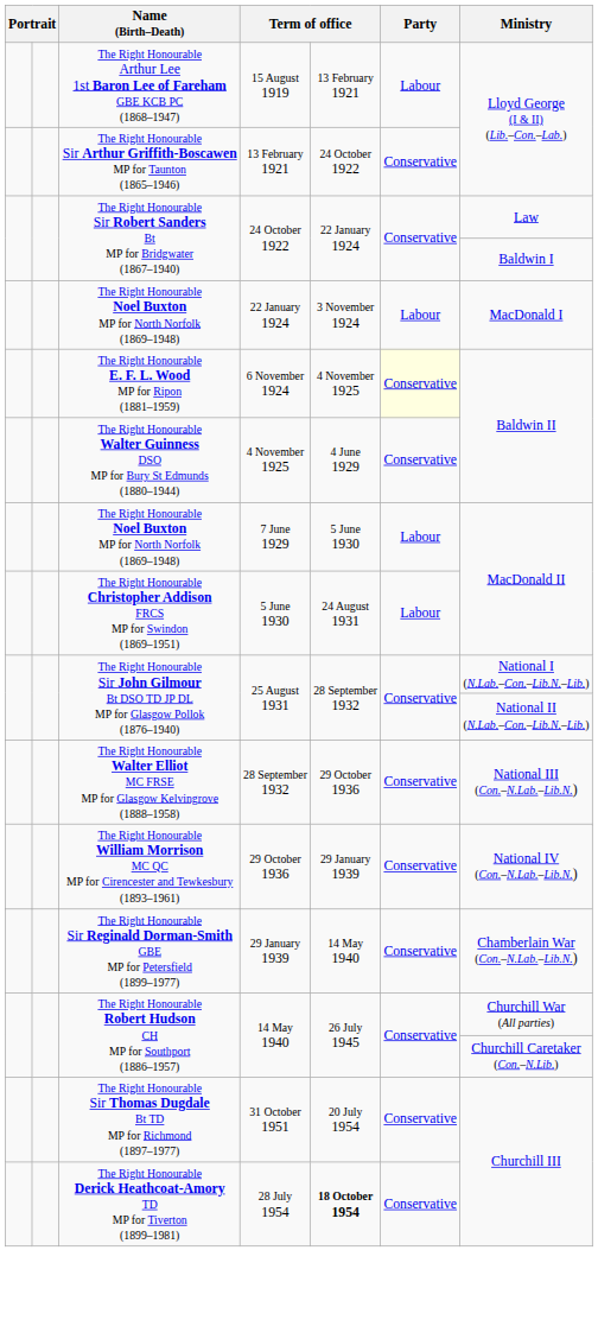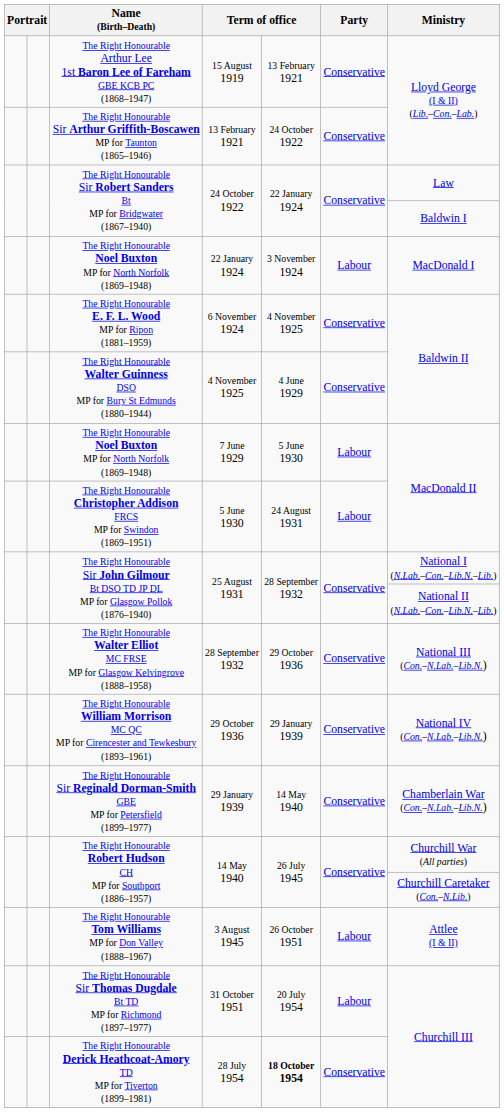 <table class="wikitable" style="text-align:center; white-space: nowrap;">
 <tr>
 <th colspan=2>Portrait</th>
 <th>Name<br><small>(Birth–Death)</small></th>
 <th colspan=2>Term of office</th>
 <th>Party</th>
 <th>Ministry</th>
 </tr>
 <tr>
 <td style="background-color: "></td>
 <td></td>
 <td><a href='#'><small>The Right Honourable</small><br>Arthur Lee<br>1st <strong>Baron Lee of Fareham</strong><br><small>GBE KCB PC</small></a><br><small>(1868–1947)</small></td>
 <td><small>15 August</small><br>1919</td>
 <td><small>13 February</small><br>1921</td>
-<td><a href='#'>Labour</a></td>
+<td><a href='#'>Conservative</a></td>
 <td rowspan=2 ><a href='#'>Lloyd George<br><small>(I & II)</small></a><br><small>(<em><a href='#'>Lib.</a>–<a href='#'>Con.</a>–<a href='#'>Lab.</a></em>)</small></td>
 </tr>
 <tr>
 <td style="background-color: "></td>
 <td></td>
 <td><a href='#'><small>The Right Honourable</small><br>Sir <strong>Arthur Griffith-Boscawen</strong></a><br><small>MP for <a href='#'>Taunton</a><br>(1865–1946)</small></td>
 <td><small>13 February</small><br>1921</td>
 <td><small>24 October</small><br>1922</td>
 <td><a href='#'>Conservative</a></td>
 </tr>
 <tr>
 <td rowspan=2 style="background-color: "></td>
 <td rowspan=2></td>
 <td rowspan=2><a href='#'><small>The Right Honourable</small><br>Sir <strong>Robert Sanders</strong><br><small>Bt</small></a><br><small>MP for <a href='#'>Bridgwater</a><br>(1867–1940)</small></td>
 <td rowspan=2><small>24 October</small><br>1922</td>
 <td rowspan=2><small>22 January</small><br>1924</td>
 <td rowspan=2 ><a href='#'>Conservative</a></td>
 <td><a href='#'>Law</a></td>
 </tr>
 <tr>
 <td><a href='#'>Baldwin I</a></td>
 </tr>
 <tr>
 <td style="background-color: "></td>
 <td></td>
 <td><a href='#'><small>The Right Honourable</small><br><strong>Noel Buxton</strong></a><br><small>MP for <a href='#'>North Norfolk</a><br>(1869–1948)</small></td>
 <td><small>22 January</small><br>1924</td>
 <td><small>3 November</small><br>1924</td>
 <td><a href='#'>Labour</a></td>
 <td><a href='#'>MacDonald I</a></td>
 </tr>
 <tr>
 <td style="background-color: "></td>
 <td></td>
 <td><a href='#'><small>The Right Honourable</small><br><strong>E. F. L. Wood</strong></a><br><small>MP for <a href='#'>Ripon</a><br>(1881–1959)</small></td>
 <td><small>6 November</small><br>1924</td>
 <td><small>4 November</small><br>1925</td>
-<td style="background: lightyellow;"><a href='#'>Conservative</a></td>
+<td><a href='#'>Conservative</a></td>
 <td rowspan=2 ><a href='#'>Baldwin II</a></td>
 </tr>
 <tr>
 <td style="background-color: "></td>
 <td></td>
 <td><a href='#'><small>The Right Honourable</small><br><strong>Walter Guinness</strong><br><small>DSO</small></a><br><small>MP for <a href='#'>Bury St Edmunds</a><br>(1880–1944)</small></td>
 <td><small>4 November</small><br>1925</td>
 <td><small>4 June</small><br>1929</td>
 <td><a href='#'>Conservative</a></td>
 </tr>
 <tr>
 <td style="background-color: "></td>
 <td></td>
 <td><a href='#'><small>The Right Honourable</small><br><strong>Noel Buxton</strong></a><br><small>MP for <a href='#'>North Norfolk</a><br>(1869–1948)</small></td>
 <td><small>7 June</small><br>1929</td>
 <td><small>5 June</small><br>1930</td>
 <td><a href='#'>Labour</a></td>
 <td rowspan=2 ><a href='#'>MacDonald II</a></td>
 </tr>
 <tr>
 <td style="background-color: "></td>
 <td></td>
 <td><a href='#'><small>The Right Honourable</small><br><strong>Christopher Addison</strong><br><small>FRCS</small></a><br><small>MP for <a href='#'>Swindon</a><br>(1869–1951)</small></td>
 <td><small>5 June</small><br>1930</td>
 <td><small>24 August</small><br>1931</td>
 <td><a href='#'>Labour</a></td>
 </tr>
 <tr>
 <td rowspan=2 style="background-color: "></td>
 <td rowspan=2></td>
 <td rowspan=2><a href='#'><small>The Right Honourable</small><br>Sir <strong>John Gilmour</strong><br><small>Bt DSO TD JP DL</small></a><br><small>MP for <a href='#'>Glasgow Pollok</a><br>(1876–1940)</small></td>
 <td rowspan=2><small>25 August</small><br>1931</td>
 <td rowspan=2><small>28 September</small><br>1932</td>
 <td rowspan=2 ><a href='#'>Conservative</a></td>
 <td><a href='#'>National I</a><br><small>(<em><a href='#'>N.Lab.</a>–<a href='#'>Con.</a>–<a href='#'>Lib.N.</a>–<a href='#'>Lib.</a></em>)</small></td>
 </tr>
 <tr>
 <td rowspan=2 ><a href='#'>National II</a><br><small>(<em><a href='#'>N.Lab.</a>–<a href='#'>Con.</a>–<a href='#'>Lib.N.</a>–<a href='#'>Lib.</a></em>)</small></td>
 </tr>
 <tr>
 <td rowspan=2 style="background-color: "></td>
 <td rowspan=2></td>
 <td rowspan=2><a href='#'><small>The Right Honourable</small><br><strong>Walter Elliot</strong><br><small>MC FRSE</small></a><br><small>MP for <a href='#'>Glasgow Kelvingrove</a><br>(1888–1958)</small></td>
 <td rowspan=2><small>28 September</small><br>1932</td>
 <td rowspan=2><small>29 October</small><br>1936</td>
 <td rowspan=2 ><a href='#'>Conservative</a></td>
 </tr>
 <tr>
 <td rowspan=2 ><a href='#'>National III</a><br><small>(<em><a href='#'>Con.</a>–<a href='#'>N.Lab.</a>–<a href='#'>Lib.N.</a></em></small>)</td>
 </tr>
 <tr>
 <td rowspan=2 style="background-color: "></td>
 <td rowspan=2></td>
 <td rowspan=2><a href='#'><small>The Right Honourable</small><br><strong>William Morrison</strong><br><small>MC QC</small></a><br><small>MP for <a href='#'>Cirencester and Tewkesbury</a><br>(1893–1961)</small></td>
 <td rowspan=2><small>29 October</small><br>1936</td>
 <td rowspan=2><small>29 January</small><br>1939</td>
 <td rowspan=2 ><a href='#'>Conservative</a></td>
 </tr>
 <tr>
 <td rowspan=2 ><a href='#'>National IV</a><br><small>(<em><a href='#'>Con.</a>–<a href='#'>N.Lab.</a>–<a href='#'>Lib.N.</a></em></small>)</td>
 </tr>
 <tr>
 <td rowspan=2 style="background-color: "></td>
 <td rowspan=2></td>
 <td rowspan=2><a href='#'><small>The Right Honourable</small><br>Sir <strong>Reginald Dorman-Smith</strong><br><small>GBE</small></a><br><small>MP for <a href='#'>Petersfield</a><br>(1899–1977)</small></td>
 <td rowspan=2><small>29 January</small><br>1939</td>
 <td rowspan=2><small>14 May</small><br>1940</td>
 <td rowspan=2 ><a href='#'>Conservative</a></td>
 </tr>
 <tr>
 <td><a href='#'>Chamberlain War</a><br><small>(<em><a href='#'>Con.</a>–<a href='#'>N.Lab.</a>–<a href='#'>Lib.N.</a></em></small>)</td>
 </tr>
 <tr>
 <td rowspan=2 style="background-color: "></td>
 <td rowspan=2></td>
 <td rowspan=2><a href='#'><small>The Right Honourable</small><br><strong>Robert Hudson</strong><br><small>CH</small></a><br><small>MP for <a href='#'>Southport</a><br>(1886–1957)</small></td>
 <td rowspan=2><small>14 May</small><br>1940</td>
 <td rowspan=2><small>26 July</small><br>1945</td>
 <td rowspan=2 ><a href='#'>Conservative</a></td>
 <td><a href='#'>Churchill War</a><br><small>(<em>All parties</em>)</small></td>
 </tr>
 <tr>
 <td><a href='#'>Churchill Caretaker</a><br><small>(<em><a href='#'>Con.</a>–<a href='#'>N.Lib.</a></em>)</small></td>
 </tr>
 <tr>
 <td style="background-color: "></td>
 <td></td>
+<td><a href='#'><small>The Right Honourable</small><br><strong>Tom Williams</strong></a><br><small>MP for <a href='#'>Don Valley</a><br>(1888–1967)</small></td>
+<td><small>3 August</small><br>1945</td>
+<td><small>26 October</small><br>1951</td>
+<td><a href='#'>Labour</a></td>
+<td><a href='#'>Attlee<br><small>(I & II)</small></a></td>
+</tr>
+<tr>
+<td style="background-color: "></td>
+<td></td>
 <td><a href='#'><small>The Right Honourable</small><br>Sir <strong>Thomas Dugdale</strong><br><small>Bt TD</small></a><br><small>MP for <a href='#'>Richmond</a><br>(1897–1977)</small></td>
 <td><small>31 October</small><br>1951</td>
 <td><small>20 July</small><br>1954</td>
-<td><a href='#'>Conservative</a></td>
+<td><a href='#'>Labour</a></td>
 <td rowspan=2 ><a href='#'>Churchill III</a></td>
 </tr>
 <tr>
 <td style="background-color: "></td>
 <td></td>
 <td><a href='#'><small>The Right Honourable</small><br><strong>Derick Heathcoat-Amory</strong><br><small>TD</small></a><br><small>MP for <a href='#'>Tiverton</a><br>(1899–1981)</small></td>
 <td><small>28 July</small><br>1954</td>
 <td><strong><small>18 October</small><br>1954</strong></td>
 <td><a href='#'>Conservative</a></td>
 </tr>
 </table>
